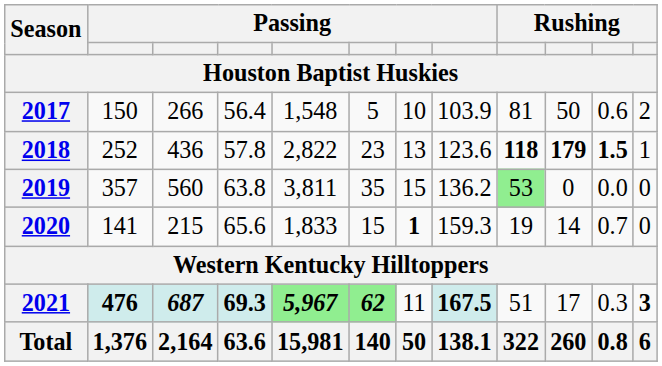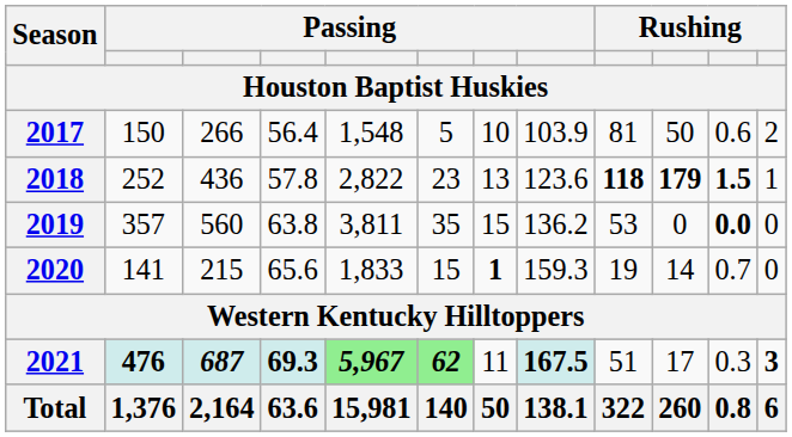 <table class="wikitable" style="text-align:center;">
 <tr>
 <th rowspan="2">Season</th>
 <th colspan="7">Passing</th>
 <th colspan="4">Rushing</th>
 </tr>
 <tr>
 <th></th>
 <th></th>
 <th></th>
 <th></th>
 <th></th>
 <th></th>
 <th></th>
 <th></th>
 <th></th>
 <th></th>
 <th></th>
 </tr>
 <tr>
 <th colspan="16">Houston Baptist Huskies</th>
 </tr>
 <tr>
 <th><a href='#'>2017</a></th>
 <td>150</td>
 <td>266</td>
 <td>56.4</td>
 <td>1,548</td>
 <td>5</td>
 <td>10</td>
 <td>103.9</td>
 <td>81</td>
 <td>50</td>
 <td>0.6</td>
 <td>2</td>
 </tr>
 <tr>
 <th><a href='#'>2018</a></th>
 <td>252</td>
 <td>436</td>
 <td>57.8</td>
 <td>2,822</td>
 <td>23</td>
 <td>13</td>
 <td>123.6</td>
 <td><strong>118</strong></td>
 <td><strong>179</strong></td>
 <td><strong>1.5</strong></td>
 <td>1</td>
 </tr>
 <tr>
 <th><a href='#'>2019</a></th>
 <td>357</td>
 <td>560</td>
 <td>63.8</td>
 <td>3,811</td>
 <td>35</td>
 <td>15</td>
 <td>136.2</td>
-<td style="background: lightgreen;">53</td>
+<td>53</td>
 <td>0</td>
-<td>0.0</td>
+<td><strong>0.0</strong></td>
 <td>0</td>
 </tr>
 <tr>
 <th><a href='#'>2020</a></th>
 <td>141</td>
 <td>215</td>
 <td>65.6</td>
 <td>1,833</td>
 <td>15</td>
 <td><strong>1</strong></td>
 <td>159.3</td>
 <td>19</td>
 <td>14</td>
 <td>0.7</td>
 <td>0</td>
 </tr>
 <tr>
 <th colspan="16">Western Kentucky Hilltoppers</th>
 </tr>
 <tr>
 <th><a href='#'>2021</a></th>
 <td style="background:#cfecec;"><strong>476</strong></td>
 <td style="background:#cfecec;"><strong><em>687</em></strong></td>
 <td style="background:#cfecec;"><strong>69.3</strong></td>
 <td bgcolor=lightgreen><strong><em>5,967</em></strong></td>
 <td bgcolor=lightgreen><strong><em>62</em></strong></td>
 <td>11</td>
 <td style="background:#cfecec;"><strong>167.5</strong></td>
 <td>51</td>
 <td>17</td>
 <td>0.3</td>
 <td><strong>3</strong></td>
 </tr>
 <tr>
 <th colspan="1">Total</th>
 <th>1,376</th>
 <th>2,164</th>
 <th>63.6</th>
 <th>15,981</th>
 <th>140</th>
 <th>50</th>
 <th>138.1</th>
 <th>322</th>
 <th>260</th>
 <th>0.8</th>
 <th>6</th>
 </tr>
 </table>
